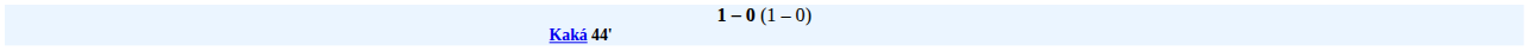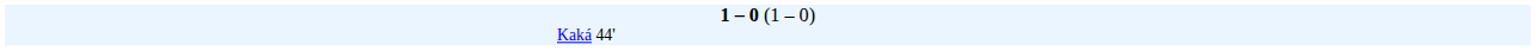 <table width=100% cellspacing=0 cellpadding=0 style=background:#EBF5FF>
 <tr>
 <td width=40% align=right><strong></strong></td>
 <td align=center width=20%><strong>1 – 0</strong> (1 – 0)</td>
 <td width=40%><strong></strong></td>
 </tr>
 <tr style=font-size:85%>
-<td align=right><strong><a href='#'>Kaká</a> 44'</strong></td>
+<td align=right><a href='#'>Kaká</a> 44'</td>
 </tr>
 </table>
